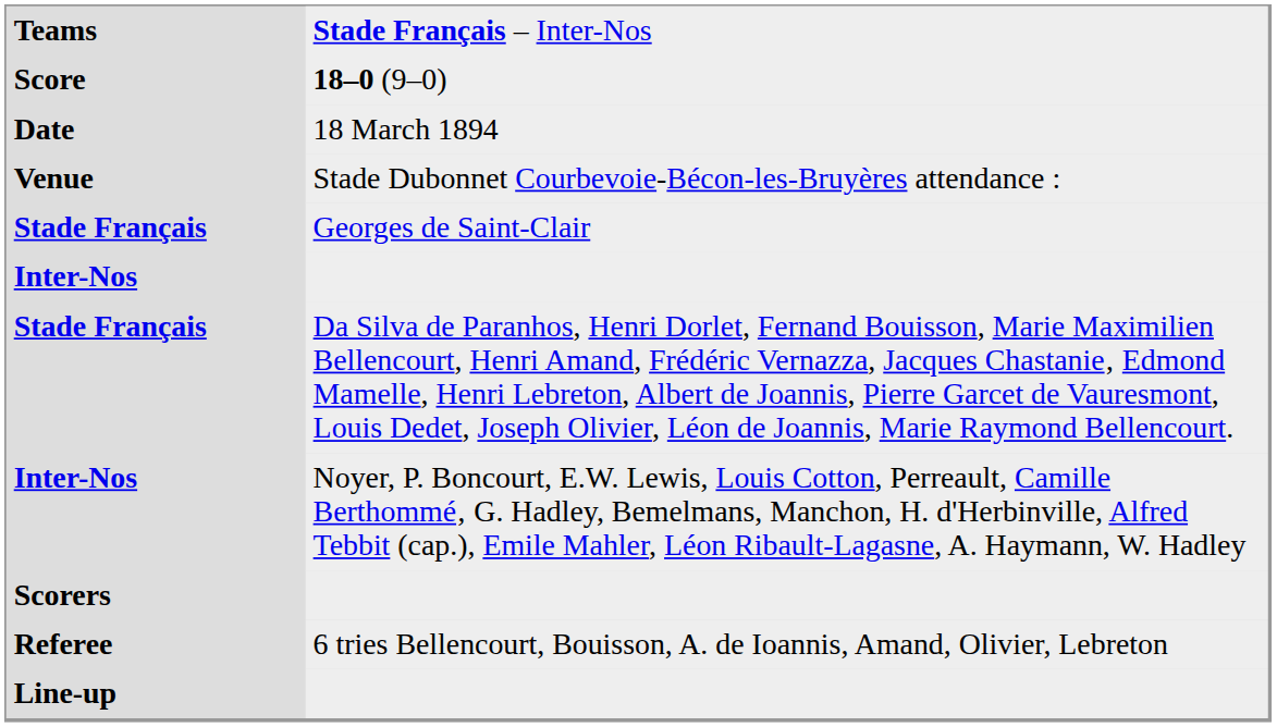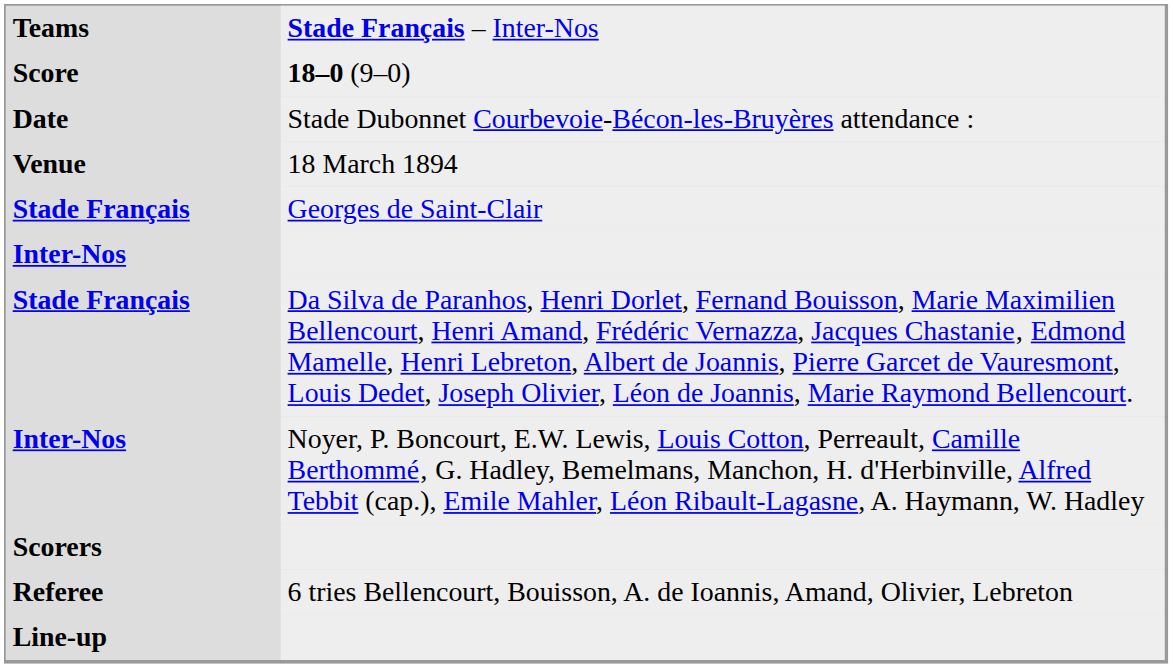 <table align="left" cellpadding="4" cellspacing="0"  style="margin: 0 0 0 0; border: 1px solid #999; border-right-width: 2px; border-bottom-width: 2px; background-color: #DDDDDD">
 <tr>
 <td width="150" valign="top"><strong>Teams</strong></td>
 <td width="500" bgcolor=#EEEEEE><strong><a href='#'>Stade Français</a></strong> – <a href='#'>Inter-Nos</a></td>
 </tr>
 <tr>
 <td valign="top"><strong>Score</strong></td>
 <td bgcolor=#EEEEEE><strong>18–0</strong> (9–0)</td>
 </tr>
 <tr>
 <td valign="top"><strong>Date</strong></td>
-<td bgcolor=#EEEEEE>18 March 1894</td>
+<td bgcolor=#EEEEEE>Stade Dubonnet <a href='#'>Courbevoie</a>-<a href='#'>Bécon-les-Bruyères</a>  attendance : </td>
 </tr>
 <tr>
 <td valign="top"><strong>Venue</strong></td>
-<td bgcolor=#EEEEEE>Stade Dubonnet <a href='#'>Courbevoie</a>-<a href='#'>Bécon-les-Bruyères</a>  attendance : </td>
+<td bgcolor=#EEEEEE>18 March 1894</td>
 </tr>
 <tr>
 <td valign="top"><strong><a href='#'>Stade Français</a></strong></td>
 <td bgcolor=#EEEEEE><a href='#'>Georges de Saint-Clair</a></td>
 </tr>
 <tr>
 <td valign="top"><strong><a href='#'>Inter-Nos</a></strong></td>
 <td bgcolor=#EEEEEE></td>
 </tr>
 <tr>
 <td valign="top"><strong><a href='#'>Stade Français</a>  </strong></td>
 <td bgcolor=#EEEEEE><a href='#'>Da Silva de Paranhos</a>, <a href='#'>Henri Dorlet</a>, <a href='#'>Fernand Bouisson</a>, <a href='#'>Marie Maximilien Bellencourt</a>, <a href='#'>Henri Amand</a>, <a href='#'>Frédéric Vernazza</a>, <a href='#'>Jacques Chastanie</a>‚ <a href='#'>Edmond Mamelle</a>, <a href='#'>Henri Lebreton</a>, <a href='#'>Albert de Joannis</a>, <a href='#'>Pierre Garcet de Vauresmont</a>, <a href='#'>Louis Dedet</a>, <a href='#'>Joseph Olivier</a>, <a href='#'>Léon de Joannis</a>, <a href='#'>Marie Raymond Bellencourt</a>.</td>
 </tr>
 <tr>
 <td valign="top"><strong><a href='#'>Inter-Nos</a></strong></td>
 <td bgcolor=#EEEEEE>Noyer, P. Boncourt, E.W. Lewis, <a href='#'>Louis Cotton</a>, Perreault, <a href='#'>Camille Berthommé</a>‚ G. Hadley, Bemelmans, Manchon, H. d'Herbinville, <a href='#'>Alfred Tebbit</a> (cap.), <a href='#'>Emile Mahler</a>, <a href='#'>Léon Ribault-Lagasne</a>, A. Haymann, W. Hadley</td>
 </tr>
 <tr>
 <td valign="top"><strong>Scorers</strong></td>
 <td bgcolor=#EEEEEE></td>
 </tr>
 <tr>
 <td valign="top"><strong>Referee</strong></td>
 <td bgcolor=#EEEEEE>6 tries Bellencourt, Bouisson, A. de Ioannis, Amand, Olivier, Lebreton</td>
 </tr>
 <tr>
 <td valign="top"><strong>Line-up</strong></td>
 <td bgcolor=#EEEEEE></td>
 </tr>
 </table>
